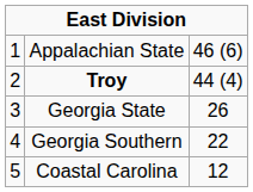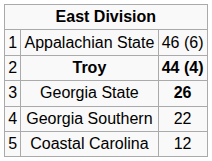 <table class="wikitable">
 <tr align="center">
 <td align="center" Colspan="3"><strong>East Division</strong></td>
 </tr>
 <tr align="center">
 </tr>
 <tr align="center">
 <td>1</td>
 <td>Appalachian State</td>
 <td>46 (6)</td>
 </tr>
 <tr align="center">
 <td>2</td>
 <td><strong>Troy</strong></td>
-<td>44 (4)</td>
+<td><strong>44 (4)</strong></td>
 </tr>
 <tr align="center">
 <td>3</td>
 <td>Georgia State</td>
-<td>26</td>
+<td><strong>26</strong></td>
 </tr>
 <tr align="center">
 <td>4</td>
 <td>Georgia Southern</td>
 <td>22</td>
 </tr>
 <tr align="center">
 <td>5</td>
 <td>Coastal Carolina</td>
 <td>12</td>
 </tr>
 </table>
